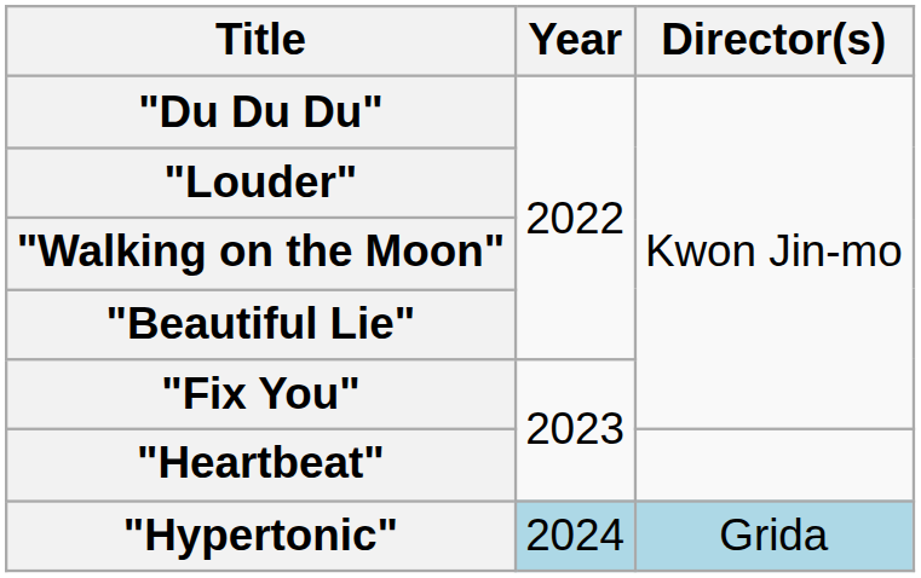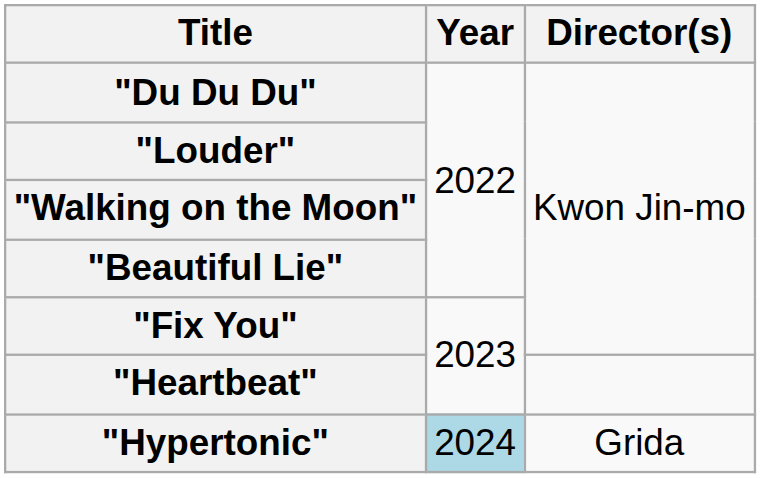 <table class="wikitable plainrowheaders" style="text-align:center">
 <tr>
 <th scope="col">Title</th>
 <th scope="col">Year</th>
 <th scope="col">Director(s)</th>
 </tr>
 <tr>
 <th scope="row">"Du Du Du"</th>
 <td rowspan="4">2022</td>
 <td rowspan="5">Kwon Jin-mo</td>
 </tr>
 <tr>
 <th scope="row">"Louder"</th>
 </tr>
 <tr>
 <th scope="row">"Walking on the Moon"</th>
 </tr>
 <tr>
 <th scope="row">"Beautiful Lie"</th>
 </tr>
 <tr>
 <th scope="row">"Fix You"</th>
 <td rowspan="2">2023</td>
 </tr>
 <tr>
 <th scope="row">"Heartbeat"</th>
 </tr>
 <tr>
 <th scope="row">"Hypertonic"</th>
 <td style="background: lightblue;">2024</td>
-<td style="background: lightblue;">Grida</td>
+<td>Grida</td>
 </tr>
 </table>
